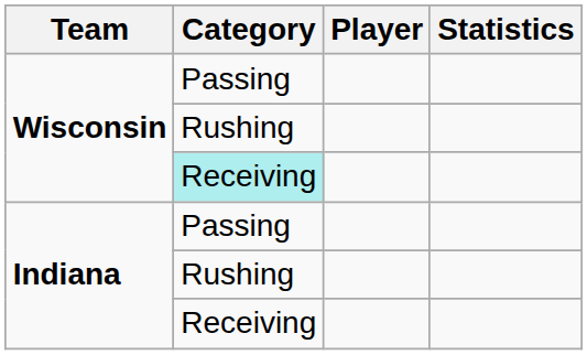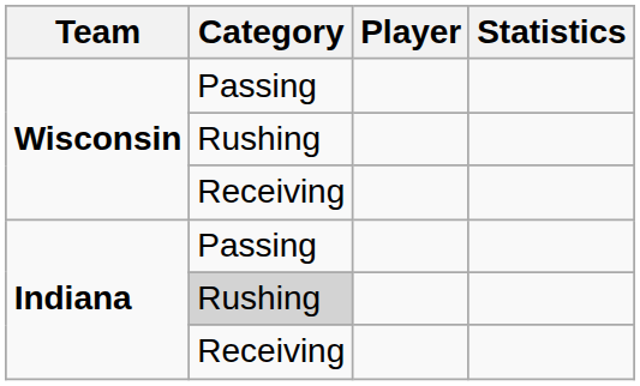 <table class="wikitable" style="float: right;">
 <tr>
 <th>Team</th>
 <th>Category</th>
 <th>Player</th>
 <th>Statistics</th>
 </tr>
 <tr>
 <td rowspan=3><strong>Wisconsin</strong></td>
 <td>Passing</td>
 <td></td>
 <td></td>
 </tr>
 <tr>
 <td>Rushing</td>
 <td></td>
 <td></td>
 </tr>
 <tr>
-<td style="background: paleturquoise;">Receiving</td>
+<td>Receiving</td>
 <td></td>
 <td></td>
 </tr>
 <tr>
 <td rowspan=3><strong>Indiana</strong></td>
 <td>Passing</td>
 <td></td>
 <td></td>
 </tr>
 <tr>
-<td>Rushing</td>
+<td style="background: lightgrey;">Rushing</td>
 <td></td>
 <td></td>
 </tr>
 <tr>
 <td>Receiving</td>
 <td></td>
 <td></td>
 </tr>
 </table>
